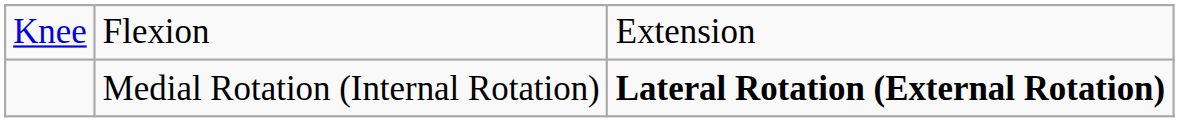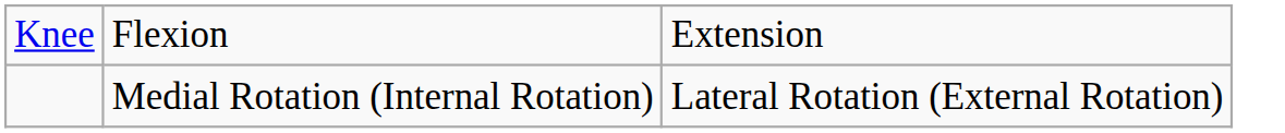 <table class="wikitable">
 <tr>
 <td><a href='#'>Knee</a></td>
 <td>Flexion</td>
 <td>Extension</td>
 </tr>
 <tr>
 <td></td>
 <td>Medial Rotation (Internal Rotation)</td>
-<td><strong>Lateral Rotation (External Rotation)</strong></td>
+<td>Lateral Rotation (External Rotation)</td>
 </tr>
 </table>
